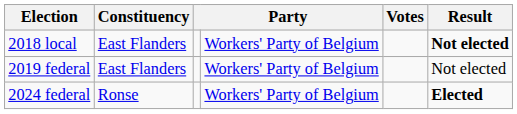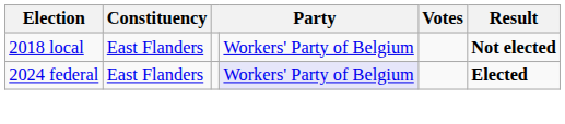 <table class="wikitable" style="text-align:left;">
 <tr>
 <th scope=col>Election</th>
 <th scope=col>Constituency</th>
 <th scope=col colspan="2">Party</th>
 <th scope=col>Votes</th>
 <th scope=col>Result</th>
 </tr>
 <tr>
 <td><a href='#'>2018 local</a></td>
 <td><a href='#'>East Flanders</a></td>
 <td style="background:"></td>
 <td><a href='#'>Workers' Party of Belgium</a></td>
 <td align=right></td>
 <td><strong>Not elected</strong></td>
 </tr>
 <tr>
-<td><a href='#'>2019 federal</a></td>
+<td><a href='#'>2024 federal</a></td>
 <td><a href='#'>East Flanders</a></td>
 <td style="background:"></td>
-<td><a href='#'>Workers' Party of Belgium</a></td>
-<td align=right></td>
-<td>Not elected</td>
-</tr>
-<tr>
-<td><a href='#'>2024 federal</a></td>
-<td><a href='#'>Ronse</a></td>
-<td style="background:"></td>
-<td><a href='#'>Workers' Party of Belgium</a></td>
+<td style="background: lavender;"><a href='#'>Workers' Party of Belgium</a></td>
 <td align=right></td>
 <td><strong>Elected</strong></td>
 </tr>
 </table>
